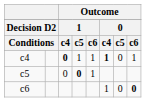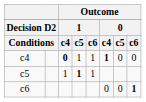 <table class="wikitable floatright" style="text-align: center">
 <tr>
 <th colspan="2"></th>
 <th colspan="6">Outcome</th>
 </tr>
 <tr>
 </tr>
 <tr>
 <th colspan="2">Decision D2</th>
 <th colspan="3">1</th>
 <th colspan="3">0</th>
 </tr>
 <tr>
 <th colspan="2">Conditions</th>
 <th>c4</th>
 <th>c5</th>
 <th>c6</th>
 <th>c4</th>
 <th>c5</th>
 <th>c6</th>
 </tr>
 <tr>
 <td>c4</td>
 <td></td>
 <td><strong>0</strong></td>
 <td>1</td>
 <td>1</td>
 <td><strong>1</strong></td>
 <td>0</td>
-<td>1</td>
+<td>0</td>
 </tr>
 <tr>
 <td>c5</td>
 <td></td>
-<td>0</td>
-<td><strong>0</strong></td>
+<td>1</td>
+<td><strong>1</strong></td>
 <td>1</td>
 <td></td>
 <td></td>
 <td></td>
 </tr>
 <tr>
 <td>c6</td>
 <td></td>
 <td></td>
 <td></td>
 <td></td>
-<td>1</td>
 <td>0</td>
-<td><strong>0</strong></td>
+<td>0</td>
+<td><strong>1</strong></td>
 </tr>
 </table>
